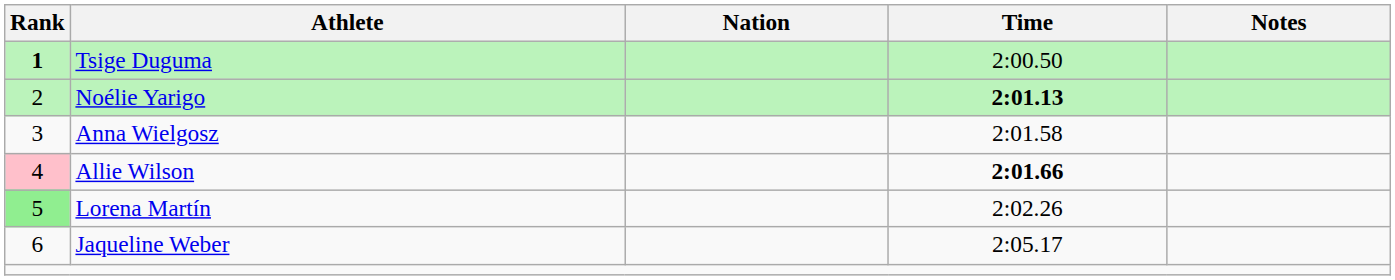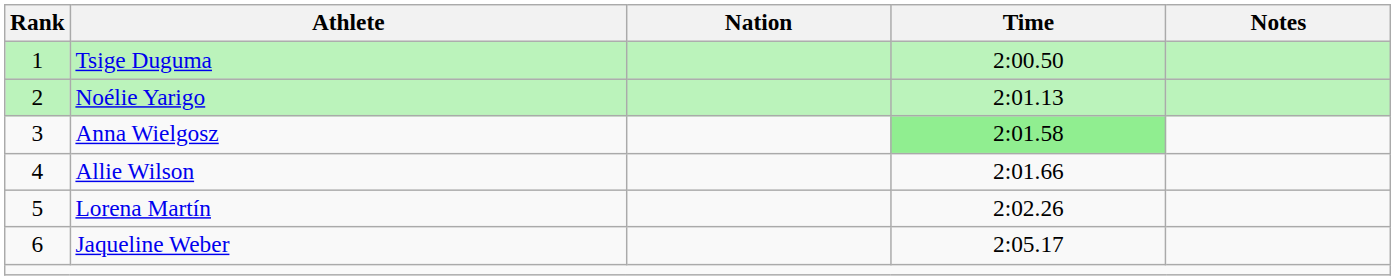 <table class="wikitable sortable" style="text-align:center;width: 60%;">
 <tr>
 <th scope="col" style="width: 10px;">Rank</th>
 <th scope="col">Athlete</th>
 <th scope="col">Nation</th>
 <th scope="col">Time</th>
 <th scope="col">Notes</th>
 </tr>
 <tr bgcolor=bbf3bb>
-<td><strong>1</strong></td>
+<td>1</td>
 <td align=left><a href='#'>Tsige Duguma</a></td>
 <td align=left></td>
 <td>2:00.50</td>
 <td></td>
 </tr>
 <tr bgcolor=bbf3bb>
 <td>2</td>
 <td align=left><a href='#'>Noélie Yarigo</a></td>
 <td align=left></td>
-<td><strong>2:01.13</strong></td>
+<td>2:01.13</td>
 <td></td>
 </tr>
 <tr>
 <td>3</td>
 <td align=left><a href='#'>Anna Wielgosz</a></td>
 <td align=left></td>
-<td>2:01.58</td>
+<td style="background: lightgreen;">2:01.58</td>
 <td></td>
 </tr>
 <tr>
-<td style="background: pink;">4</td>
+<td>4</td>
 <td align=left><a href='#'>Allie Wilson</a></td>
 <td align=left></td>
-<td><strong>2:01.66</strong></td>
+<td>2:01.66</td>
 <td></td>
 </tr>
 <tr>
-<td style="background: lightgreen;">5</td>
+<td>5</td>
 <td align=left><a href='#'>Lorena Martín</a></td>
 <td align=left></td>
 <td>2:02.26</td>
 <td></td>
 </tr>
 <tr>
 <td>6</td>
 <td align=left><a href='#'>Jaqueline Weber</a></td>
 <td align=left></td>
 <td>2:05.17</td>
 <td></td>
 </tr>
 <tr class="sortbottom">
 <td colspan="5"></td>
 </tr>
 </table>
